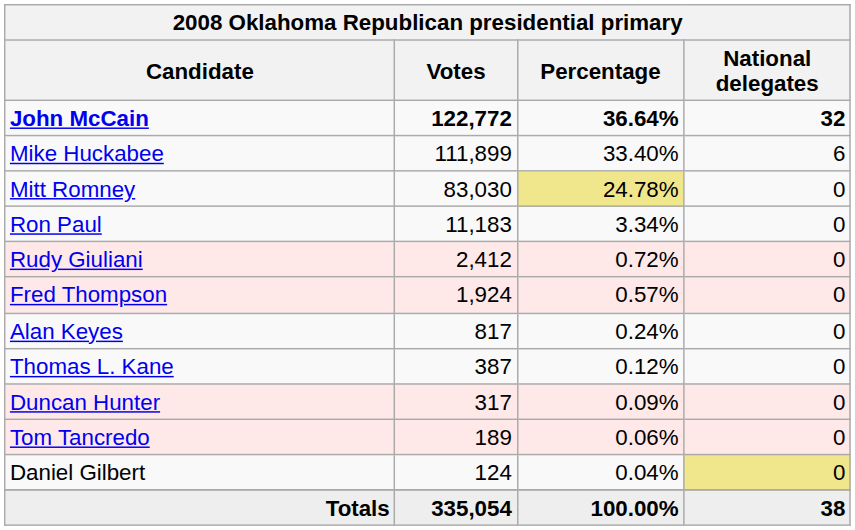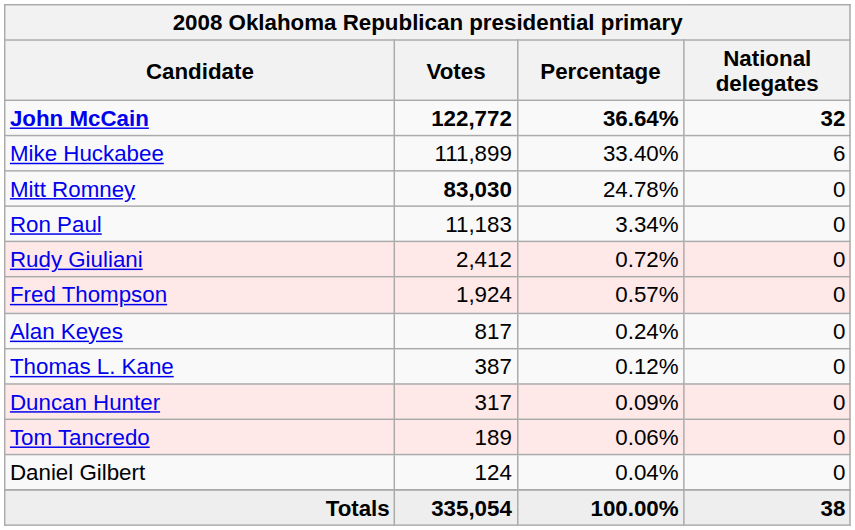 <table class="wikitable" style="font-size:95%;">
 <tr>
 <th colspan="4">2008 Oklahoma Republican presidential primary</th>
 </tr>
 <tr>
 <th style="width: 17em">Candidate</th>
 <th style="width: 5em">Votes</th>
 <th style="width: 7em">Percentage</th>
 <th style="width: 7em">National delegates</th>
 </tr>
 <tr>
 <td><strong><a href='#'>John McCain</a></strong></td>
 <td align="right"><strong>122,772</strong></td>
 <td align="right"><strong>36.64%</strong></td>
 <td align="right"><strong>32</strong></td>
 </tr>
 <tr>
 <td><a href='#'>Mike Huckabee</a></td>
 <td align="right">111,899</td>
 <td align="right">33.40%</td>
 <td align="right">6</td>
 </tr>
 <tr>
 <td><a href='#'>Mitt Romney</a></td>
-<td align="right">83,030</td>
-<td align="right" style="background: khaki;">24.78%</td>
+<td align="right"><strong>83,030</strong></td>
+<td align="right">24.78%</td>
 <td align="right">0</td>
 </tr>
 <tr>
 <td><a href='#'>Ron Paul</a></td>
 <td align="right">11,183</td>
 <td align="right">3.34%</td>
 <td align="right">0</td>
 </tr>
 <tr bgcolor=#FFE8E8>
 <td><a href='#'>Rudy Giuliani</a></td>
 <td align="right">2,412</td>
 <td align="right">0.72%</td>
 <td align="right">0</td>
 </tr>
 <tr bgcolor=#FFE8E8>
 <td><a href='#'>Fred Thompson</a></td>
 <td align="right">1,924</td>
 <td align="right">0.57%</td>
 <td align="right">0</td>
 </tr>
 <tr>
 <td><a href='#'>Alan Keyes</a></td>
 <td align="right">817</td>
 <td align="right">0.24%</td>
 <td align="right">0</td>
 </tr>
 <tr>
 <td><a href='#'>Thomas L. Kane</a></td>
 <td align="right">387</td>
 <td align="right">0.12%</td>
 <td align="right">0</td>
 </tr>
 <tr bgcolor=#FFE8E8>
 <td><a href='#'>Duncan Hunter</a></td>
 <td align="right">317</td>
 <td align="right">0.09%</td>
 <td align="right">0</td>
 </tr>
 <tr bgcolor=#FFE8E8>
 <td><a href='#'>Tom Tancredo</a></td>
 <td align="right">189</td>
 <td align="right">0.06%</td>
 <td align="right">0</td>
 </tr>
 <tr>
 <td>Daniel Gilbert</td>
 <td align="right">124</td>
 <td align="right">0.04%</td>
-<td align="right" style="background: khaki;">0</td>
+<td align="right">0</td>
 </tr>
 <tr>
 </tr>
 <tr bgcolor="#EEEEEE">
 <td align="right"><strong>Totals</strong></td>
 <td align="right"><strong>335,054</strong></td>
 <td align="right"><strong>100.00%</strong></td>
 <td align="right"><strong>38</strong></td>
 </tr>
 </table>
